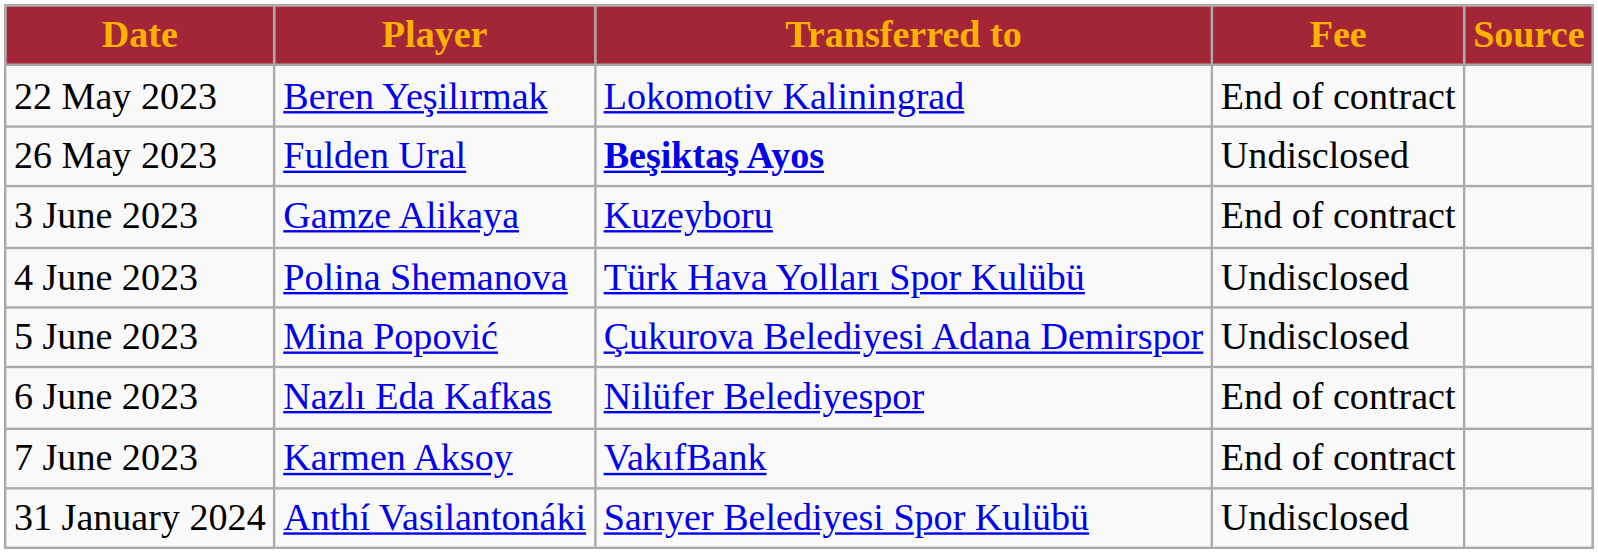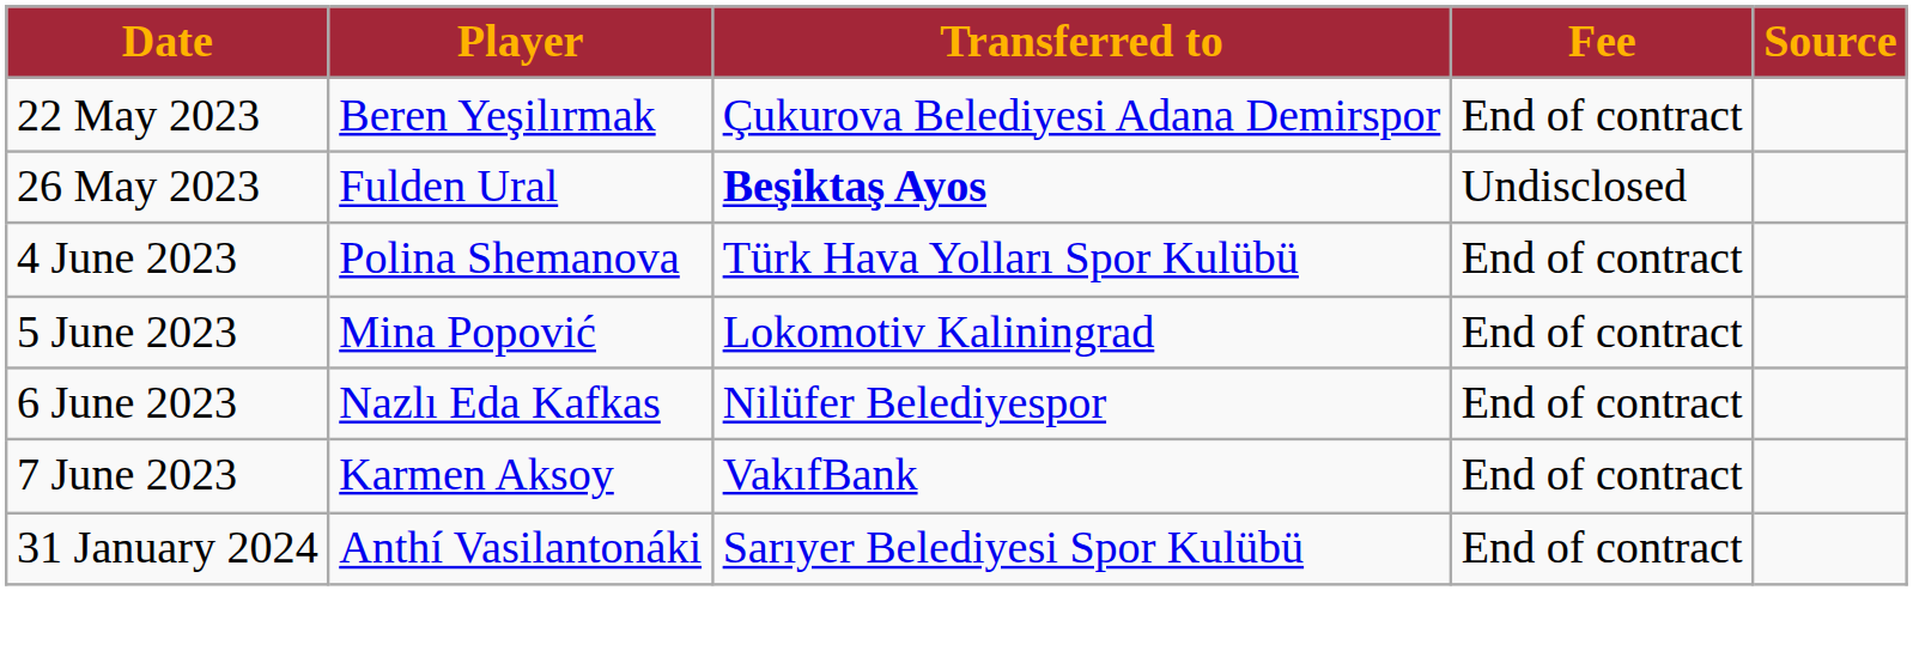 <table class="wikitable plainrowheaders sortable">
 <tr>
 <th style="background:#A32638; color:#FFB300; ">Date</th>
 <th style="background:#A32638; color:#FFB300; ">Player</th>
 <th style="background:#A32638; color:#FFB300; ">Transferred to</th>
 <th style="background:#A32638; color:#FFB300; ">Fee</th>
 <th style="background:#A32638; color:#FFB300; ">Source</th>
 </tr>
 <tr>
 <td>22 May 2023</td>
 <td align=left> <a href='#'>Beren Yeşilırmak</a></td>
-<td align=left> <a href='#'>Lokomotiv Kaliningrad</a></td>
+<td align=left> <a href='#'>Çukurova Belediyesi Adana Demirspor</a></td>
 <td>End of contract</td>
 <td></td>
 </tr>
 <tr>
 <td>26 May 2023</td>
 <td align=left> <a href='#'>Fulden Ural</a></td>
 <td align=left><strong> <a href='#'>Beşiktaş Ayos</a></strong></td>
 <td>Undisclosed</td>
 <td></td>
 </tr>
 <tr>
-<td>3 June 2023</td>
-<td align=left> <a href='#'>Gamze Alikaya</a></td>
-<td align=left> <a href='#'>Kuzeyboru</a></td>
-<td>End of contract</td>
-<td></td>
-</tr>
-<tr>
 <td>4 June 2023</td>
 <td align=left> <a href='#'>Polina Shemanova</a></td>
 <td align=left> <a href='#'>Türk Hava Yolları Spor Kulübü</a></td>
-<td>Undisclosed</td>
+<td>End of contract</td>
 <td></td>
 </tr>
 <tr>
 <td>5 June 2023</td>
 <td align=left> <a href='#'>Mina Popović</a></td>
-<td align=left> <a href='#'>Çukurova Belediyesi Adana Demirspor</a></td>
-<td>Undisclosed</td>
+<td align=left> <a href='#'>Lokomotiv Kaliningrad</a></td>
+<td>End of contract</td>
 <td></td>
 </tr>
 <tr>
 <td>6 June 2023</td>
 <td align=left> <a href='#'>Nazlı Eda Kafkas</a></td>
 <td align=left> <a href='#'>Nilüfer Belediyespor</a></td>
 <td>End of contract</td>
 <td></td>
 </tr>
 <tr>
 <td>7 June 2023</td>
 <td align=left> <a href='#'>Karmen Aksoy</a></td>
 <td align=left> <a href='#'>VakıfBank</a></td>
 <td>End of contract</td>
 <td></td>
 </tr>
 <tr>
 <td>31 January 2024</td>
 <td align=left> <a href='#'>Anthí Vasilantonáki</a></td>
 <td align=left> <a href='#'>Sarıyer Belediyesi Spor Kulübü</a></td>
-<td>Undisclosed</td>
+<td>End of contract</td>
 <td></td>
 </tr>
 </table>
